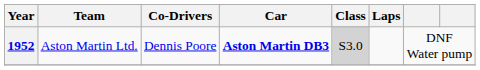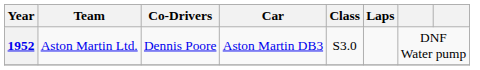 <table class="wikitable" style="text-align:center; font-size:90%">
 <tr>
 <th>Year</th>
 <th>Team</th>
 <th>Co-Drivers</th>
 <th>Car</th>
 <th>Class</th>
 <th>Laps</th>
 <th></th>
 <th></th>
 </tr>
 <tr>
 <th><a href='#'>1952</a></th>
 <td align="left"> <a href='#'>Aston Martin Ltd.</a></td>
 <td align="left"> <a href='#'>Dennis Poore</a></td>
-<td align="left"><strong><a href='#'>Aston Martin DB3</a></strong></td>
-<td style="background: lightgrey;">S3.0</td>
+<td align="left"><a href='#'>Aston Martin DB3</a></td>
+<td>S3.0</td>
 <td></td>
 <td colspan=2>DNF<br>Water pump</td>
 </tr>
 <tr>
 </tr>
 </table>
